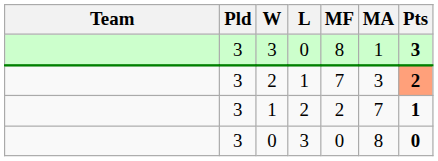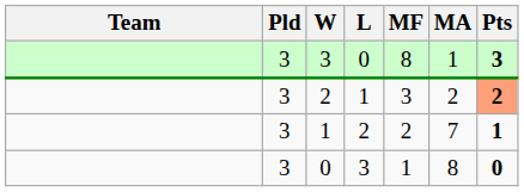 <table class=wikitable style="text-align:center">
 <tr>
 <th width=175>Team</th>
 <th width=20>Pld</th>
 <th width=20>W</th>
 <th width=20>L</th>
 <th width=20>MF</th>
 <th width=20>MA</th>
 <th width=20>Pts</th>
 </tr>
 <tr bgcolor=ccffcc style="border-bottom:2px solid green;">
 <td style="text-align:left"></td>
 <td>3</td>
 <td>3</td>
 <td>0</td>
 <td>8</td>
 <td>1</td>
 <td><strong>3</strong></td>
 </tr>
 <tr>
 <td style="text-align:left"></td>
 <td>3</td>
 <td>2</td>
 <td>1</td>
-<td>7</td>
 <td>3</td>
+<td>2</td>
 <td style="background: lightsalmon;"><strong>2</strong></td>
 </tr>
 <tr>
 <td style="text-align:left"></td>
 <td>3</td>
 <td>1</td>
 <td>2</td>
 <td>2</td>
 <td>7</td>
 <td><strong>1</strong></td>
 </tr>
 <tr>
 <td style="text-align:left"></td>
 <td>3</td>
 <td>0</td>
 <td>3</td>
-<td>0</td>
+<td>1</td>
 <td>8</td>
 <td><strong>0</strong></td>
 </tr>
 </table>
